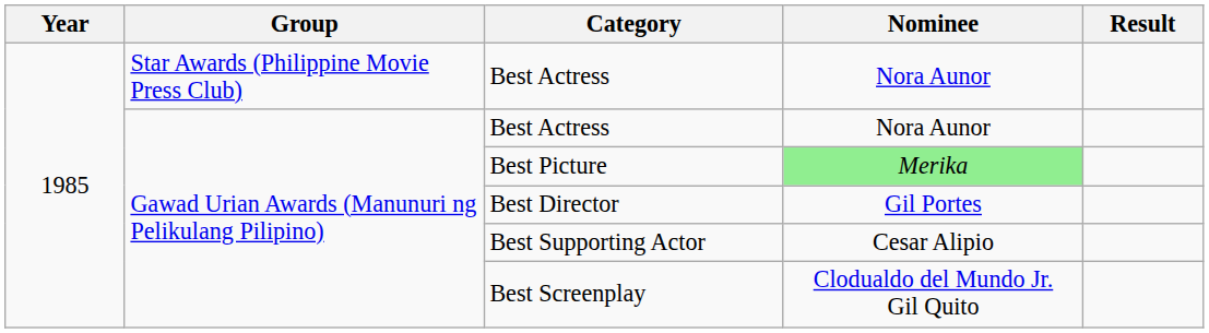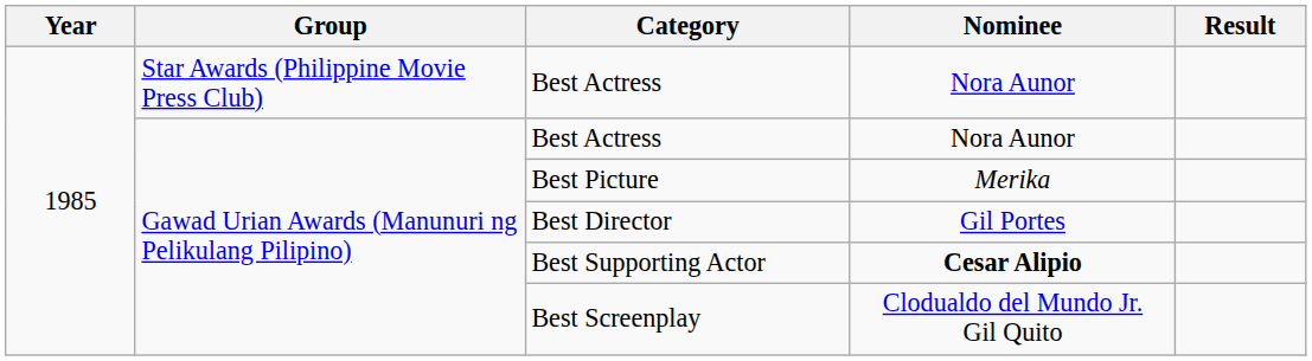 <table | width="90%" class="wikitable sortable">
 <tr>
 <th width="10%">Year</th>
 <th width="30%">Group</th>
 <th width="25%">Category</th>
 <th width="25%">Nominee</th>
 <th width="10%">Result</th>
 </tr>
 <tr>
 <td rowspan="6" align="center">1985</td>
 <td align="left"><a href='#'>Star Awards (Philippine Movie Press Club)</a></td>
 <td align="left">Best Actress</td>
 <td align="center"><a href='#'>Nora Aunor</a></td>
 <td></td>
 </tr>
 <tr>
 <td rowspan="8" align="left"><a href='#'>Gawad Urian Awards (Manunuri ng Pelikulang Pilipino)</a></td>
 <td align="left">Best Actress</td>
 <td align="center">Nora Aunor</td>
 <td></td>
 </tr>
 <tr>
 <td align="left">Best Picture</td>
-<td align="center" style="background: lightgreen;"><em>Merika</em></td>
+<td align="center"><em>Merika</em></td>
 <td></td>
 </tr>
 <tr>
 <td align="left">Best Director</td>
 <td align="center"><a href='#'>Gil Portes</a></td>
 <td></td>
 </tr>
 <tr>
 <td align="left">Best Supporting Actor</td>
-<td align="center">Cesar Alipio</td>
+<td align="center"><strong>Cesar Alipio</strong></td>
 <td></td>
 </tr>
 <tr>
 <td align="left">Best Screenplay</td>
 <td align="center"><a href='#'>Clodualdo del Mundo Jr.</a><br>Gil Quito</td>
 <td></td>
 </tr>
 </table>
